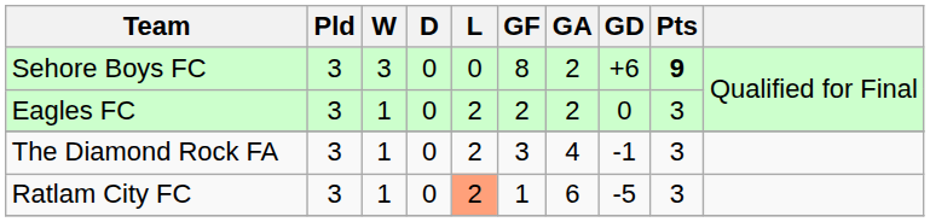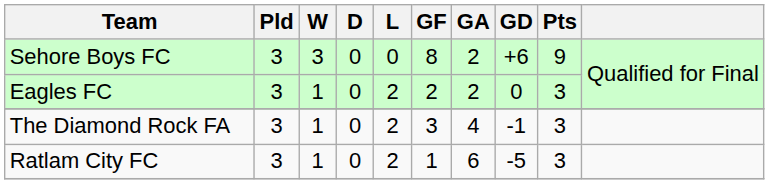 <table class="wikitable" style="text-align: center;">
 <tr>
 <th width="175">Team</th>
 <th width="20">Pld</th>
 <th width="20">W</th>
 <th width="20">D</th>
 <th width="20">L</th>
 <th width="20">GF</th>
 <th width="20">GA</th>
 <th width="20">GD</th>
 <th width="20">Pts</th>
 <th></th>
 </tr>
 <tr bgcolor="#ccffcc">
 <td align="left">Sehore Boys FC</td>
 <td>3</td>
 <td>3</td>
 <td>0</td>
 <td>0</td>
 <td>8</td>
 <td>2</td>
 <td>+6</td>
-<td><strong>9</strong></td>
+<td>9</td>
 <td rowspan="2">Qualified for Final</td>
 </tr>
 <tr bgcolor="#ccffcc">
 <td align="left">Eagles FC</td>
 <td>3</td>
 <td>1</td>
 <td>0</td>
 <td>2</td>
 <td>2</td>
 <td>2</td>
 <td>0</td>
 <td>3</td>
 </tr>
 <tr>
 </tr>
 <tr>
 <td align="left">The Diamond Rock FA</td>
 <td>3</td>
 <td>1</td>
 <td>0</td>
 <td>2</td>
 <td>3</td>
 <td>4</td>
 <td>-1</td>
 <td>3</td>
 <td></td>
 </tr>
 <tr>
 <td align="left">Ratlam City FC</td>
 <td>3</td>
 <td>1</td>
 <td>0</td>
-<td style="background: lightsalmon;">2</td>
+<td>2</td>
 <td>1</td>
 <td>6</td>
 <td>-5</td>
 <td>3</td>
 <td></td>
 </tr>
 <tr>
 </tr>
 </table>
